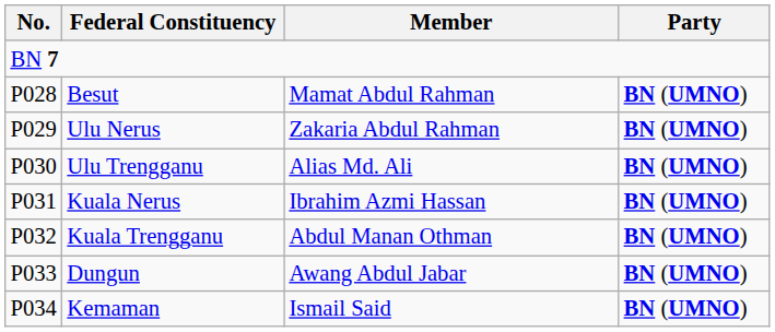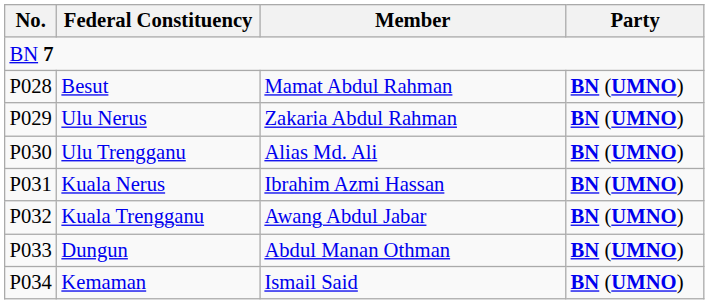 <table class="wikitable sortable">
 <tr>
 <th style="width:30px;">No.</th>
 <th style="width:150px;">Federal Constituency</th>
 <th style="width:230px;">Member</th>
 <th style="width:100px;">Party</th>
 </tr>
 <tr>
 <td colspan="4"><a href='#'>BN</a> <strong>7</strong></td>
 </tr>
 <tr>
 <td>P028</td>
 <td><a href='#'>Besut</a></td>
 <td><a href='#'>Mamat Abdul Rahman</a></td>
 <td><strong><a href='#'>BN</a></strong> (<strong><a href='#'>UMNO</a></strong>)</td>
 </tr>
 <tr>
 <td>P029</td>
 <td><a href='#'>Ulu Nerus</a></td>
 <td><a href='#'>Zakaria Abdul Rahman</a></td>
 <td><strong><a href='#'>BN</a></strong> (<strong><a href='#'>UMNO</a></strong>)</td>
 </tr>
 <tr>
 <td>P030</td>
 <td><a href='#'>Ulu Trengganu</a></td>
 <td><a href='#'>Alias Md. Ali</a></td>
 <td><strong><a href='#'>BN</a></strong> (<strong><a href='#'>UMNO</a></strong>)</td>
 </tr>
 <tr>
 <td>P031</td>
 <td><a href='#'>Kuala Nerus</a></td>
 <td><a href='#'>Ibrahim Azmi Hassan</a></td>
 <td><strong><a href='#'>BN</a></strong> (<strong><a href='#'>UMNO</a></strong>)</td>
 </tr>
 <tr>
 <td>P032</td>
 <td><a href='#'>Kuala Trengganu</a></td>
-<td><a href='#'>Abdul Manan Othman</a></td>
+<td><a href='#'>Awang Abdul Jabar</a></td>
 <td><strong><a href='#'>BN</a></strong> (<strong><a href='#'>UMNO</a></strong>)</td>
 </tr>
 <tr>
 <td>P033</td>
 <td><a href='#'>Dungun</a></td>
-<td><a href='#'>Awang Abdul Jabar</a></td>
+<td><a href='#'>Abdul Manan Othman</a></td>
 <td><strong><a href='#'>BN</a></strong> (<strong><a href='#'>UMNO</a></strong>)</td>
 </tr>
 <tr>
 <td>P034</td>
 <td><a href='#'>Kemaman</a></td>
 <td><a href='#'>Ismail Said</a></td>
 <td><strong><a href='#'>BN</a></strong> (<strong><a href='#'>UMNO</a></strong>)</td>
 </tr>
 </table>
